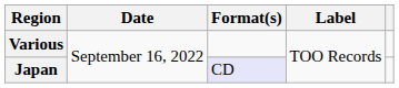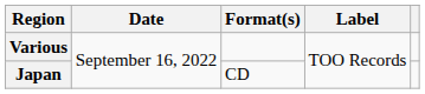 <table class="wikitable plainrowheaders">
 <tr>
 <th scope="col">Region</th>
 <th scope="col">Date</th>
 <th scope="col">Format(s)</th>
 <th scope="col">Label</th>
 <th scope="col"></th>
 </tr>
 <tr>
 <th scope="row">Various</th>
 <td rowspan="2">September 16, 2022</td>
 <td></td>
 <td rowspan="2">TOO Records</td>
 <td style="text-align:center;"></td>
 </tr>
 <tr>
 <th scope="row">Japan</th>
-<td style="background: lavender;">CD</td>
+<td>CD</td>
 <td style="text-align:center;"></td>
 </tr>
 </table>
